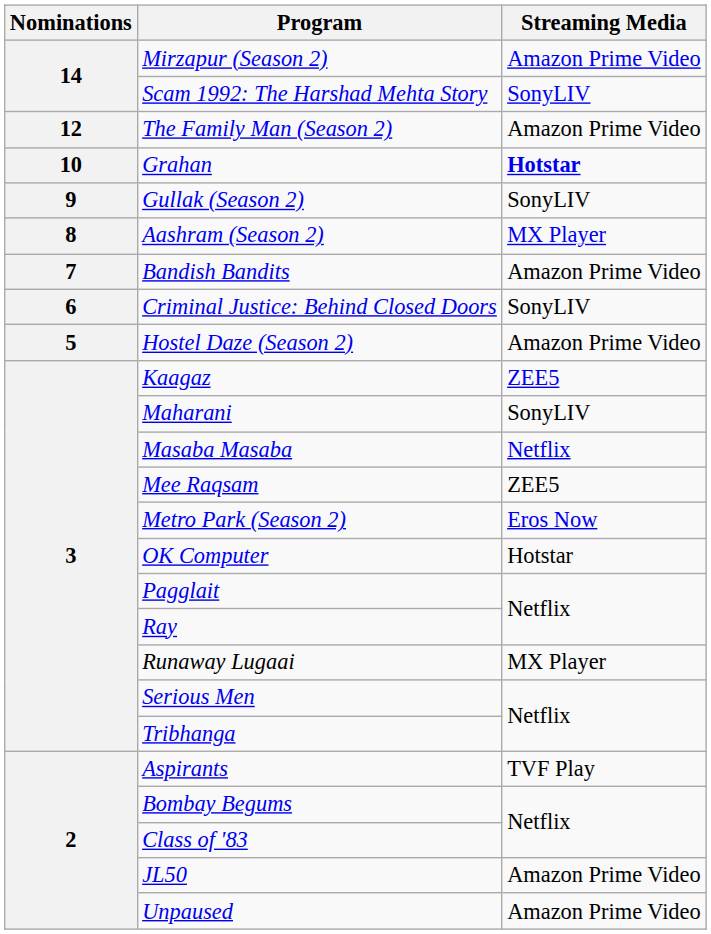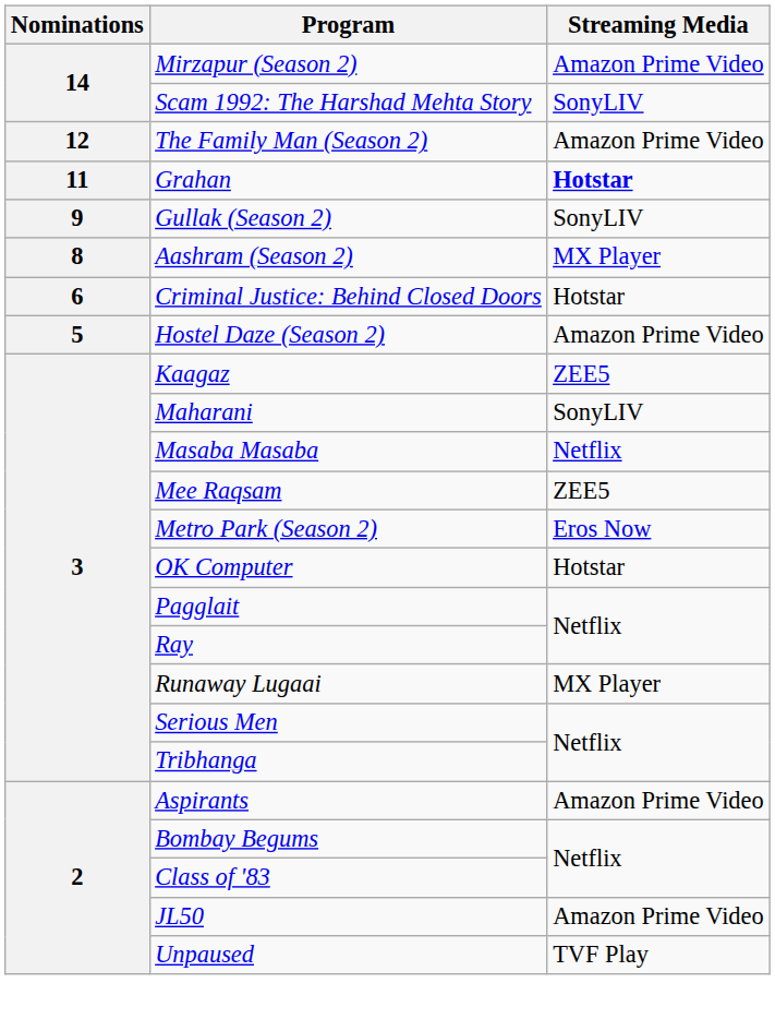 <table class="wikitable" style="display:inline-table;">
 <tr>
 <th>Nominations</th>
 <th>Program</th>
 <th>Streaming Media</th>
 </tr>
 <tr>
 <th rowspan="2">14</th>
 <td><em><a href='#'>Mirzapur (Season 2)</a></em></td>
 <td><a href='#'>Amazon Prime Video</a></td>
 </tr>
 <tr>
 <td><em><a href='#'>Scam 1992: The Harshad Mehta Story</a></em></td>
 <td><a href='#'>SonyLIV</a></td>
 </tr>
 <tr>
 <th>12</th>
 <td><em><a href='#'>The Family Man (Season 2)</a></em></td>
 <td>Amazon Prime Video</td>
 </tr>
 <tr>
-<th>10</th>
+<th>11</th>
 <td><em><a href='#'>Grahan</a></em></td>
 <td><strong><a href='#'>Hotstar</a></strong></td>
 </tr>
 <tr>
 <th>9</th>
 <td><em><a href='#'>Gullak (Season 2)</a></em></td>
 <td>SonyLIV</td>
 </tr>
 <tr>
 <th>8</th>
 <td><em><a href='#'>Aashram (Season 2)</a></em></td>
 <td><a href='#'>MX Player</a></td>
 </tr>
 <tr>
-<th>7</th>
-<td><em><a href='#'>Bandish Bandits</a></em></td>
-<td>Amazon Prime Video</td>
-</tr>
-<tr>
 <th>6</th>
 <td><em><a href='#'>Criminal Justice: Behind Closed Doors</a></em></td>
-<td>SonyLIV</td>
+<td>Hotstar</td>
 </tr>
 <tr>
 <th>5</th>
 <td><em><a href='#'>Hostel Daze (Season 2)</a></em></td>
 <td>Amazon Prime Video</td>
 </tr>
 <tr>
 <th rowspan="11">3</th>
 <td><em><a href='#'>Kaagaz</a></em></td>
 <td><a href='#'>ZEE5</a></td>
 </tr>
 <tr>
 <td><em><a href='#'>Maharani</a></em></td>
 <td>SonyLIV</td>
 </tr>
 <tr>
 <td><em><a href='#'>Masaba Masaba</a></em></td>
 <td><a href='#'>Netflix</a></td>
 </tr>
 <tr>
 <td><em><a href='#'>Mee Raqsam</a></em></td>
 <td>ZEE5</td>
 </tr>
 <tr>
 <td><em><a href='#'>Metro Park (Season 2)</a></em></td>
 <td><a href='#'>Eros Now</a></td>
 </tr>
 <tr>
 <td><em><a href='#'>OK Computer</a></em></td>
 <td>Hotstar</td>
 </tr>
 <tr>
 <td><em><a href='#'>Pagglait</a></em></td>
 <td rowspan="2">Netflix</td>
 </tr>
 <tr>
 <td><em><a href='#'>Ray</a></em></td>
 </tr>
 <tr>
 <td><em>Runaway Lugaai</em></td>
 <td>MX Player</td>
 </tr>
 <tr>
 <td><em><a href='#'>Serious Men</a></em></td>
 <td rowspan="2">Netflix</td>
 </tr>
 <tr>
 <td><a href='#'><em>Tribhanga</em></a></td>
 </tr>
 <tr>
 <th rowspan="5">2</th>
 <td><em><a href='#'>Aspirants</a></em></td>
-<td>TVF Play</td>
+<td>Amazon Prime Video</td>
 </tr>
 <tr>
 <td><em><a href='#'>Bombay Begums</a></em></td>
 <td rowspan="2">Netflix</td>
 </tr>
 <tr>
 <td><em><a href='#'>Class of '83</a></em></td>
 </tr>
 <tr>
 <td><em><a href='#'>JL50</a></em></td>
 <td>Amazon Prime Video</td>
 </tr>
 <tr>
 <td><em><a href='#'>Unpaused</a></em></td>
-<td>Amazon Prime Video</td>
+<td>TVF Play</td>
 </tr>
 </table>
